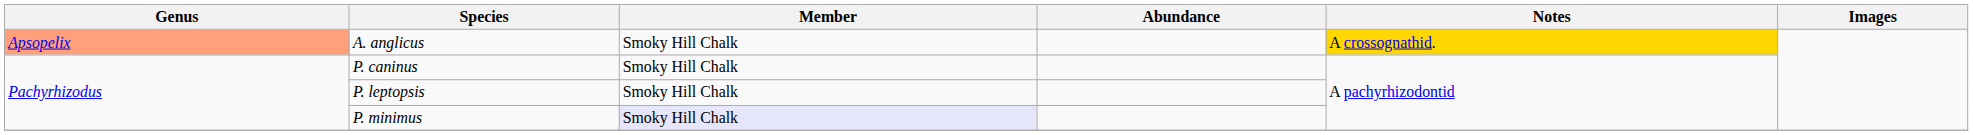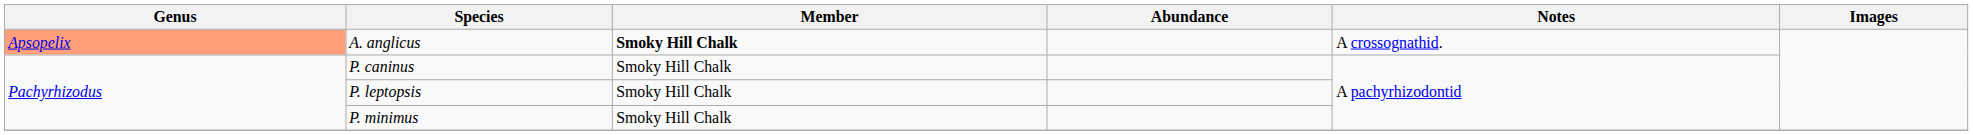 <table class="wikitable" style="margin:auto; width:100%;">
 <tr>
 <th>Genus</th>
 <th>Species</th>
 <th>Member</th>
 <th>Abundance</th>
 <th>Notes</th>
 <th>Images</th>
 </tr>
 <tr>
 <td style="background: lightsalmon;"><em><a href='#'>Apsopelix</a></em></td>
 <td><em>A. anglicus</em></td>
-<td>Smoky Hill Chalk</td>
+<td><strong>Smoky Hill Chalk</strong></td>
 <td></td>
-<td style="background: gold;">A <a href='#'>crossognathid</a>.</td>
+<td>A <a href='#'>crossognathid</a>.</td>
 <td rowspan=4></td>
 </tr>
 <tr>
 <td rowspan=3><em><a href='#'>Pachyrhizodus</a></em></td>
 <td><em>P. caninus</em></td>
 <td>Smoky Hill Chalk</td>
 <td></td>
 <td rowspan=3>A <a href='#'>pachyrhizodontid</a></td>
 </tr>
 <tr>
 <td><em>P. leptopsis</em></td>
 <td>Smoky Hill Chalk</td>
 <td></td>
 </tr>
 <tr>
 <td><em>P. minimus</em></td>
-<td style="background: lavender;">Smoky Hill Chalk</td>
+<td>Smoky Hill Chalk</td>
 <td></td>
 </tr>
 <tr>
 </tr>
 </table>
